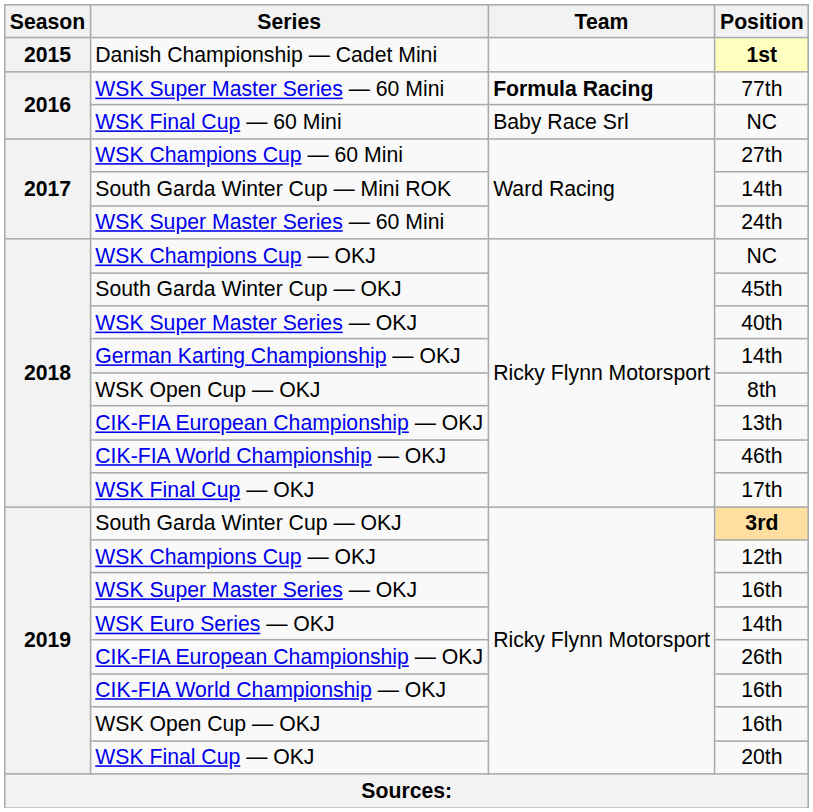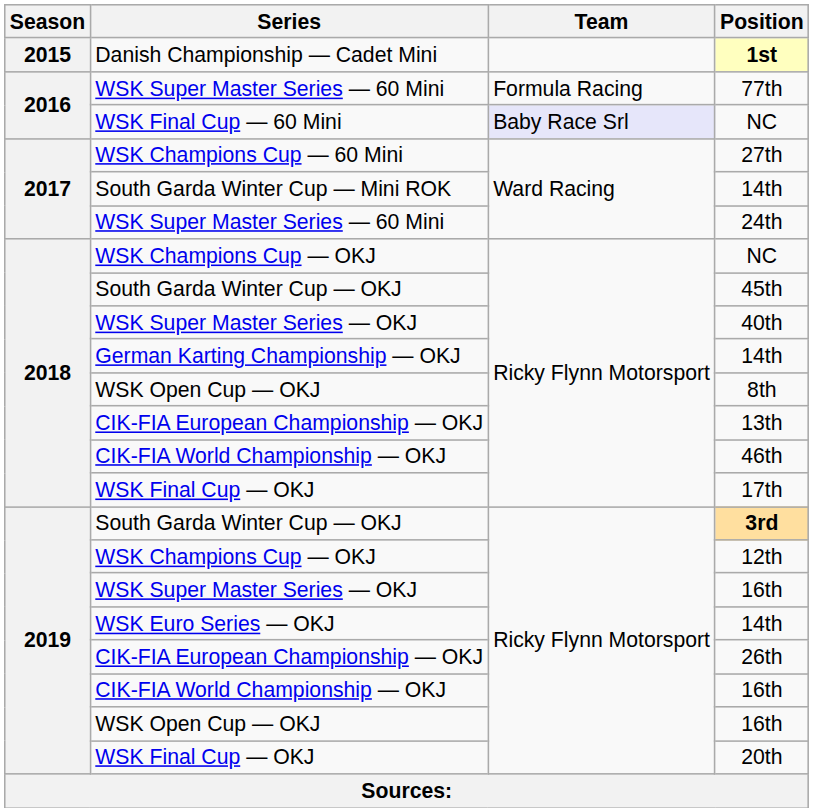 <table class="wikitable" style="font-size: 85%; text-align:center">
 <tr>
 <th>Season</th>
 <th>Series</th>
 <th>Team</th>
 <th>Position</th>
 </tr>
 <tr>
 <th>2015</th>
 <td align="left">Danish Championship — Cadet Mini</td>
 <td></td>
 <td style="background:#FFFFBF;"><strong>1st</strong></td>
 </tr>
 <tr>
 <th rowspan="2">2016</th>
 <td align="left"><a href='#'>WSK Super Master Series</a> — 60 Mini</td>
-<td align="left"><strong>Formula Racing</strong></td>
+<td align="left">Formula Racing</td>
 <td>77th</td>
 </tr>
 <tr>
 <td align="left"><a href='#'>WSK Final Cup</a> — 60 Mini</td>
-<td align="left">Baby Race Srl</td>
+<td align="left" style="background: lavender;">Baby Race Srl</td>
 <td>NC</td>
 </tr>
 <tr>
 <th rowspan="3">2017</th>
 <td align="left"><a href='#'>WSK Champions Cup</a> — 60 Mini</td>
 <td rowspan="3"  align="left">Ward Racing</td>
 <td>27th</td>
 </tr>
 <tr>
 <td align="left">South Garda Winter Cup — Mini ROK</td>
 <td>14th</td>
 </tr>
 <tr>
 <td align="left"><a href='#'>WSK Super Master Series</a> — 60 Mini</td>
 <td>24th</td>
 </tr>
 <tr>
 <th rowspan="8">2018</th>
 <td align="left"><a href='#'>WSK Champions Cup</a> — OKJ</td>
 <td rowspan="8" align="left">Ricky Flynn Motorsport</td>
 <td>NC</td>
 </tr>
 <tr>
 <td align="left">South Garda Winter Cup — OKJ</td>
 <td>45th</td>
 </tr>
 <tr>
 <td align="left"><a href='#'>WSK Super Master Series</a> — OKJ</td>
 <td>40th</td>
 </tr>
 <tr>
 <td align="left"><a href='#'>German Karting Championship</a> — OKJ</td>
 <td>14th</td>
 </tr>
 <tr>
 <td align="left">WSK Open Cup — OKJ</td>
 <td>8th</td>
 </tr>
 <tr>
 <td align="left"><a href='#'>CIK-FIA European Championship</a> — OKJ</td>
 <td>13th</td>
 </tr>
 <tr>
 <td align="left"><a href='#'>CIK-FIA World Championship</a> — OKJ</td>
 <td>46th</td>
 </tr>
 <tr>
 <td align="left"><a href='#'>WSK Final Cup</a> — OKJ</td>
 <td>17th</td>
 </tr>
 <tr>
 <th rowspan="8">2019</th>
 <td align="left">South Garda Winter Cup — OKJ</td>
 <td rowspan="8" align="left">Ricky Flynn Motorsport</td>
 <td style="background:#FFDF9F;"><strong>3rd</strong></td>
 </tr>
 <tr>
 <td align="left"><a href='#'>WSK Champions Cup</a> — OKJ</td>
 <td>12th</td>
 </tr>
 <tr>
 <td align="left"><a href='#'>WSK Super Master Series</a> — OKJ</td>
 <td>16th</td>
 </tr>
 <tr>
 <td align="left"><a href='#'>WSK Euro Series</a> — OKJ</td>
 <td>14th</td>
 </tr>
 <tr>
 <td align="left"><a href='#'>CIK-FIA European Championship</a> — OKJ</td>
 <td>26th</td>
 </tr>
 <tr>
 <td align="left"><a href='#'>CIK-FIA World Championship</a> — OKJ</td>
 <td>16th</td>
 </tr>
 <tr>
 <td align="left">WSK Open Cup — OKJ</td>
 <td>16th</td>
 </tr>
 <tr>
 <td align="left"><a href='#'>WSK Final Cup</a> — OKJ</td>
 <td>20th</td>
 </tr>
 <tr>
 <th colspan="4">Sources:</th>
 </tr>
 </table>
